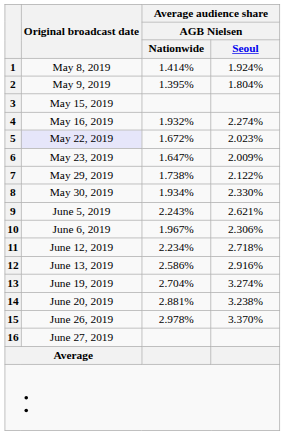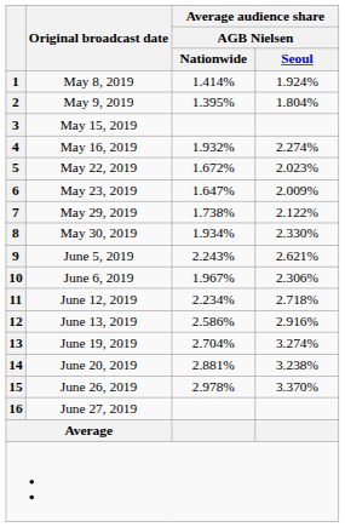 <table class="wikitable" style="text-align:center;max-width:450px; margin-left: auto; margin-right: auto; border: none;">
 <tr>
 </tr>
 <tr>
 <th rowspan="3"></th>
 <th rowspan="3">Original broadcast date</th>
 <th colspan="2">Average audience share</th>
 </tr>
 <tr>
 <th colspan="2">AGB Nielsen</th>
 </tr>
 <tr>
 <th width="90">Nationwide</th>
 <th width="90"><a href='#'>Seoul</a></th>
 </tr>
 <tr>
 <th>1</th>
 <td>May 8, 2019</td>
 <td>1.414%</td>
 <td>1.924%</td>
 </tr>
 <tr>
 <th>2</th>
 <td>May 9, 2019</td>
 <td>1.395%</td>
 <td>1.804%</td>
 </tr>
 <tr>
 <th>3</th>
 <td>May 15, 2019</td>
 <td></td>
 <td></td>
 </tr>
 <tr>
 <th>4</th>
 <td>May 16, 2019</td>
 <td>1.932%</td>
 <td>2.274%</td>
 </tr>
 <tr>
 <th>5</th>
-<td style="background: lavender;">May 22, 2019</td>
+<td>May 22, 2019</td>
 <td>1.672%</td>
 <td>2.023%</td>
 </tr>
 <tr>
 <th>6</th>
 <td>May 23, 2019</td>
 <td>1.647%</td>
 <td>2.009%</td>
 </tr>
 <tr>
 <th>7</th>
 <td>May 29, 2019</td>
 <td>1.738%</td>
 <td>2.122%</td>
 </tr>
 <tr>
 <th>8</th>
 <td>May 30, 2019</td>
 <td>1.934%</td>
 <td>2.330%</td>
 </tr>
 <tr>
 <th>9</th>
 <td>June 5, 2019</td>
 <td>2.243%</td>
 <td>2.621%</td>
 </tr>
 <tr>
 <th>10</th>
 <td>June 6, 2019</td>
 <td>1.967%</td>
 <td>2.306%</td>
 </tr>
 <tr>
 <th>11</th>
 <td>June 12, 2019</td>
 <td>2.234%</td>
 <td>2.718%</td>
 </tr>
 <tr>
 <th>12</th>
 <td>June 13, 2019</td>
 <td>2.586%</td>
 <td>2.916%</td>
 </tr>
 <tr>
 <th>13</th>
 <td>June 19, 2019</td>
 <td>2.704%</td>
 <td>3.274%</td>
 </tr>
 <tr>
 <th>14</th>
 <td>June 20, 2019</td>
 <td>2.881%</td>
 <td>3.238%</td>
 </tr>
 <tr>
 <th>15</th>
 <td>June 26, 2019</td>
 <td>2.978%</td>
 <td>3.370%</td>
 </tr>
 <tr>
 <th>16</th>
 <td>June 27, 2019</td>
 <td></td>
 <td></td>
 </tr>
 <tr>
 <th colspan="2">Average</th>
 <th></th>
 <th></th>
 </tr>
 <tr>
 <td colspan="6"><br><ul><li></li><li></li></ul></td>
 </tr>
 </table>
